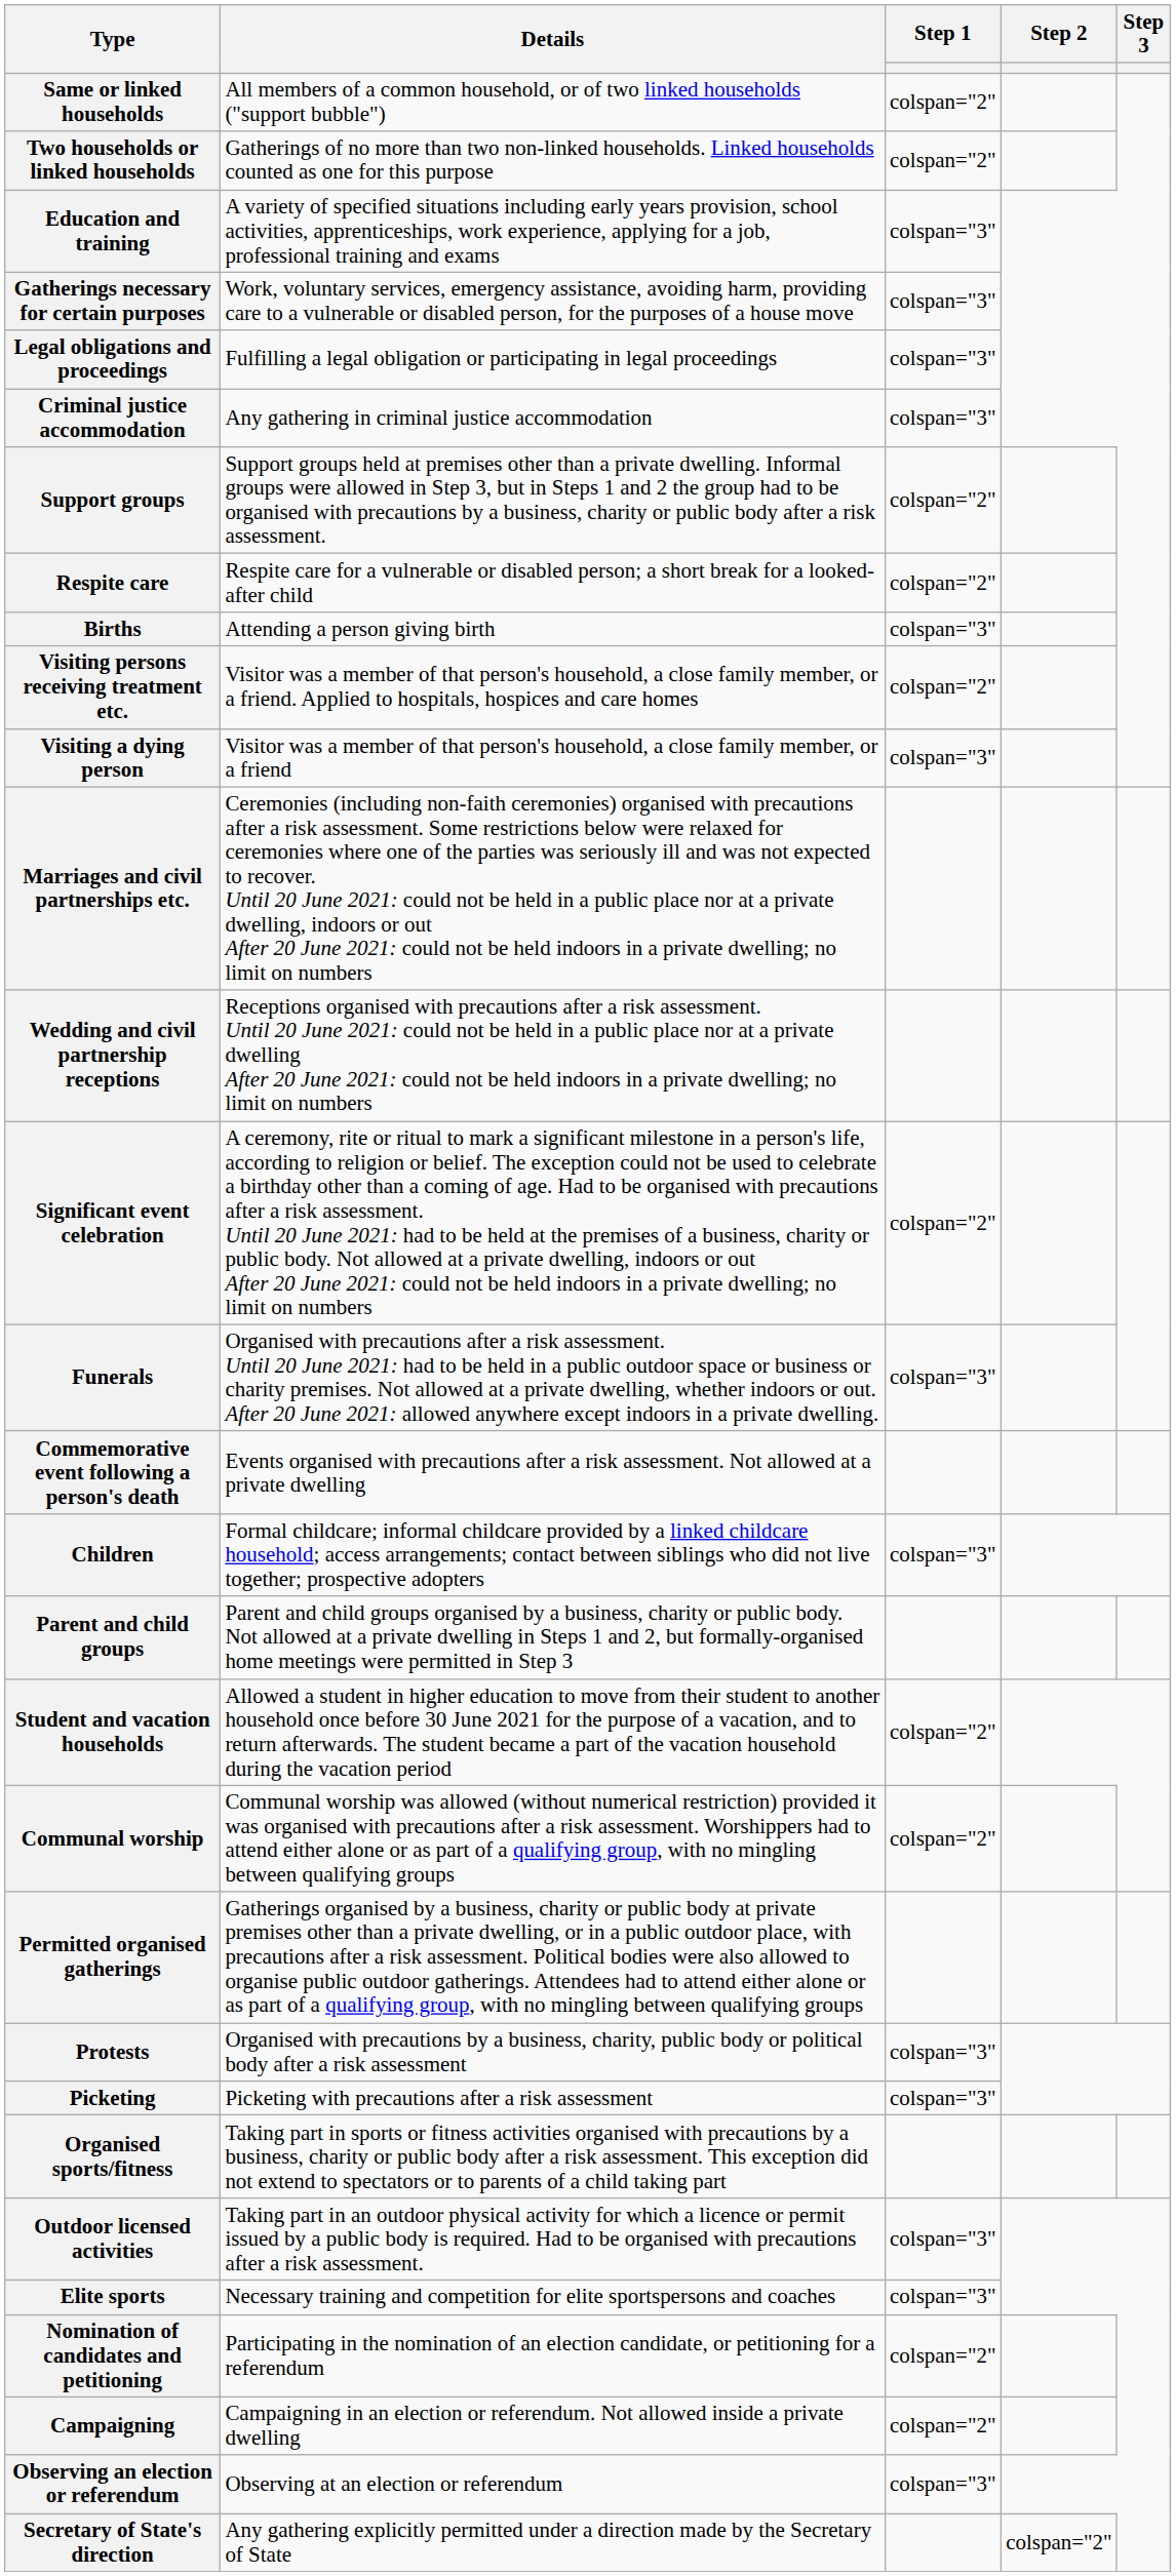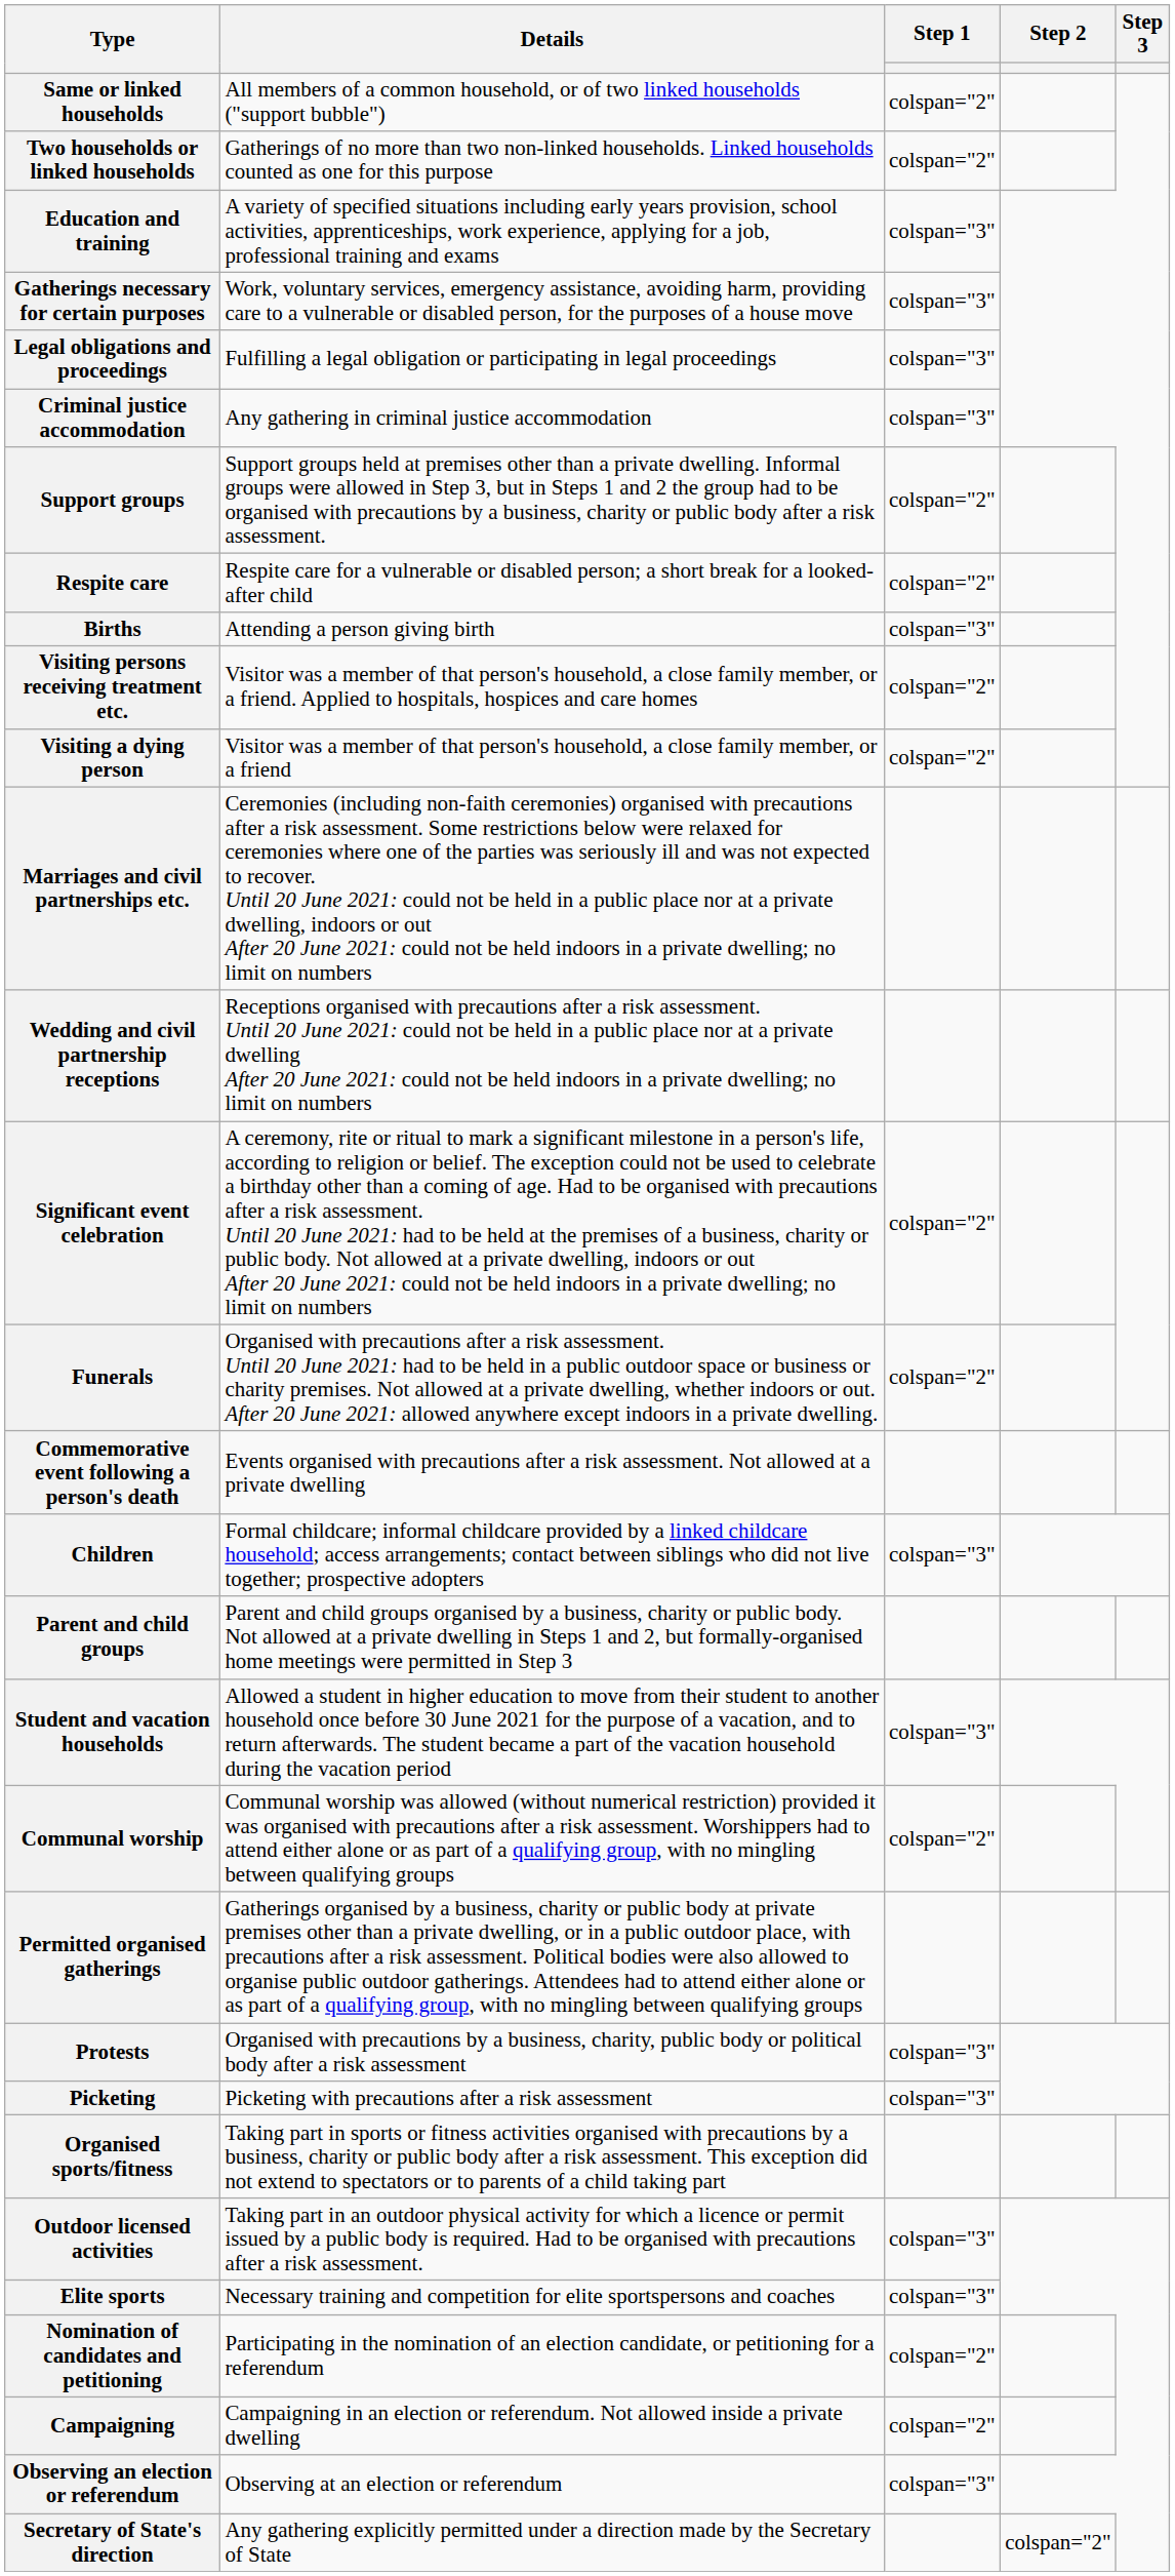 <table class="wikitable">
 <tr>
 <th rowspan="2">Type</th>
 <th rowspan="2">Details</th>
 <th>Step 1</th>
 <th>Step 2</th>
 <th>Step 3</th>
 </tr>
 <tr>
 <th></th>
 <th></th>
 <th></th>
 </tr>
 <tr>
 <th>Same or linked households</th>
 <td>All members of a common household, or of two <a href='#'>linked households</a> ("support bubble")</td>
 <td>colspan="2" </td>
 <td></td>
 </tr>
 <tr>
 <th>Two households or linked households</th>
 <td>Gatherings of no more than two non-linked households. <a href='#'>Linked households</a> counted as one for this purpose</td>
 <td>colspan="2" </td>
 <td></td>
 </tr>
 <tr>
 <th>Education and training</th>
 <td>A variety of specified situations including early years provision, school activities, apprenticeships, work experience, applying for a job, professional training and exams</td>
 <td>colspan="3" </td>
 </tr>
 <tr>
 <th>Gatherings necessary for certain purposes</th>
 <td>Work, voluntary services, emergency assistance, avoiding harm, providing care to a vulnerable or disabled person, for the purposes of a house move</td>
 <td>colspan="3" </td>
 </tr>
 <tr>
 <th>Legal obligations and proceedings</th>
 <td>Fulfilling a legal obligation or participating in legal proceedings</td>
 <td>colspan="3" </td>
 </tr>
 <tr>
 <th>Criminal justice accommodation</th>
 <td>Any gathering in criminal justice accommodation</td>
 <td>colspan="3" </td>
 </tr>
 <tr>
 <th>Support groups</th>
 <td>Support groups held at premises other than a private dwelling. Informal groups were allowed in Step 3, but in Steps 1 and 2 the group had to be organised with precautions by a business, charity or public body after a risk assessment.</td>
 <td>colspan="2" </td>
 <td></td>
 </tr>
 <tr>
 <th>Respite care</th>
 <td>Respite care for a vulnerable or disabled person; a short break for a looked-after child</td>
 <td>colspan="2" </td>
 <td></td>
 </tr>
 <tr>
 <th>Births</th>
 <td>Attending a person giving birth</td>
 <td>colspan="3" </td>
 <td></td>
 </tr>
 <tr>
 <th>Visiting persons receiving treatment etc.</th>
 <td>Visitor was a member of that person's household, a close family member, or a friend. Applied to hospitals, hospices and care homes</td>
 <td>colspan="2" </td>
 <td></td>
 </tr>
 <tr>
 <th>Visiting a dying person</th>
 <td>Visitor was a member of that person's household, a close family member, or a friend</td>
-<td>colspan="3" </td>
+<td>colspan="2" </td>
 <td></td>
 </tr>
 <tr>
 <th>Marriages and civil partnerships etc.</th>
 <td>Ceremonies (including non-faith ceremonies) organised with precautions after a risk assessment. Some restrictions below were relaxed for ceremonies where one of the parties was seriously ill and was not expected to recover.<br><em>Until 20 June 2021:</em> could not be held in a public place nor at a private dwelling, indoors or out<br><em>After 20 June 2021:</em> could not be held indoors in a private dwelling; no limit on numbers</td>
 <td></td>
 <td></td>
 <td></td>
 </tr>
 <tr>
 <th>Wedding and civil partnership receptions</th>
 <td>Receptions organised with precautions after a risk assessment.<br><em>Until 20 June 2021:</em> could not be held in a public place nor at a private dwelling<br><em>After 20 June 2021:</em> could not be held indoors in a private dwelling; no limit on numbers</td>
 <td></td>
 <td></td>
 <td></td>
 </tr>
 <tr>
 <th>Significant event celebration</th>
 <td>A ceremony, rite or ritual to mark a significant milestone in a person's life, according to religion or belief. The exception could not be used to celebrate a birthday other than a coming of age. Had to be organised with precautions after a risk assessment.<br><em>Until 20 June 2021:</em>  had to be held at the premises of a business, charity or public body. Not allowed at a private dwelling, indoors or out<br><em>After 20 June 2021:</em> could not be held indoors in a private dwelling; no limit on numbers</td>
 <td>colspan="2" </td>
 <td></td>
 </tr>
 <tr>
 <th>Funerals</th>
 <td>Organised with precautions after a risk assessment.<br><em>Until 20 June 2021:</em>  had to be held in a public outdoor space or business or charity premises. Not allowed at a private dwelling, whether indoors or out.<br><em>After 20 June 2021:</em> allowed anywhere except indoors in a private dwelling.</td>
-<td>colspan="3" </td>
+<td>colspan="2" </td>
 <td></td>
 </tr>
 <tr>
 <th>Commemorative event following a person's death</th>
 <td>Events organised with precautions after a risk assessment. Not allowed at a private dwelling</td>
 <td></td>
 <td></td>
 <td></td>
 </tr>
 <tr>
 <th>Children</th>
 <td>Formal childcare; informal childcare provided by a <a href='#'>linked childcare household</a>; access arrangements; contact between siblings who did not live together; prospective adopters</td>
 <td>colspan="3" </td>
 </tr>
 <tr>
 <th>Parent and child groups</th>
 <td>Parent and child groups organised by a business, charity or public body. Not allowed at a private dwelling in Steps 1 and 2, but formally-organised home meetings were permitted in Step 3</td>
 <td></td>
 <td></td>
 <td></td>
 </tr>
 <tr>
 <th>Student and vacation households</th>
 <td>Allowed a student in higher education to move from their student to another household once before 30 June 2021 for the purpose of a vacation, and to return afterwards. The student became a part of the vacation household during the vacation period</td>
-<td>colspan="2" </td>
+<td>colspan="3" </td>
 </tr>
 <tr>
 <th>Communal worship</th>
 <td>Communal worship was allowed (without numerical restriction) provided it was organised with precautions after a risk assessment. Worshippers had to attend either alone or as part of a <a href='#'>qualifying group</a>, with no mingling between qualifying groups</td>
 <td>colspan="2" </td>
 <td></td>
 </tr>
 <tr>
 <th>Permitted organised gatherings</th>
 <td>Gatherings organised by a business, charity or public body at private premises other than a private dwelling, or in a public outdoor place, with precautions after a risk assessment. Political bodies were also allowed to organise public outdoor gatherings. Attendees had to attend either alone or as part of a <a href='#'>qualifying group</a>, with no mingling between qualifying groups</td>
 <td></td>
 <td></td>
 <td></td>
 </tr>
 <tr>
 <th>Protests</th>
 <td>Organised with precautions by a business, charity, public body or political body after a risk assessment</td>
 <td>colspan="3" </td>
 </tr>
 <tr>
 <th>Picketing</th>
 <td>Picketing with precautions after a risk assessment</td>
 <td>colspan="3" </td>
 </tr>
 <tr>
 <th>Organised sports/fitness</th>
 <td>Taking part in sports or fitness activities organised with precautions by a business, charity or public body after a risk assessment. This exception did not extend to spectators or to parents of a child taking part</td>
 <td></td>
 <td></td>
 <td></td>
 </tr>
 <tr>
 <th>Outdoor licensed activities</th>
 <td>Taking part in an outdoor physical activity for which a licence or permit issued by a public body is required. Had to be organised with precautions after a risk assessment.</td>
 <td>colspan="3" </td>
 </tr>
 <tr>
 <th>Elite sports</th>
 <td>Necessary training and competition for elite sportspersons and coaches</td>
 <td>colspan="3" </td>
 </tr>
 <tr>
 <th>Nomination of candidates and petitioning</th>
 <td>Participating in the nomination of an election candidate, or petitioning for a referendum</td>
 <td>colspan="2" </td>
 <td></td>
 </tr>
 <tr>
 <th>Campaigning</th>
 <td>Campaigning in an election or referendum. Not allowed inside a private dwelling</td>
 <td>colspan="2" </td>
 <td></td>
 </tr>
 <tr>
 <th>Observing an election or referendum</th>
 <td>Observing at an election or referendum</td>
 <td>colspan="3" </td>
 </tr>
 <tr>
 <th>Secretary of State's direction</th>
 <td>Any gathering explicitly permitted under a direction made by the Secretary of State</td>
 <td></td>
 <td>colspan="2" </td>
 </tr>
 </table>
